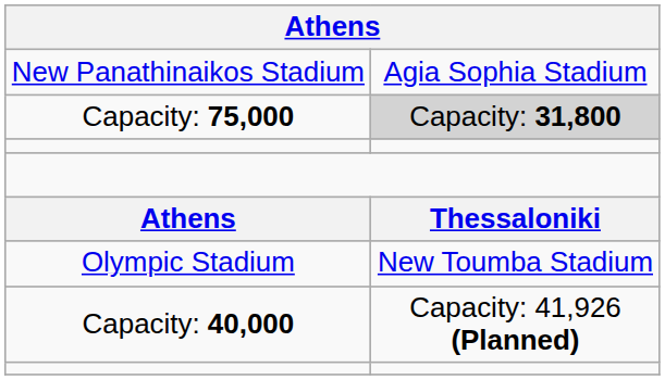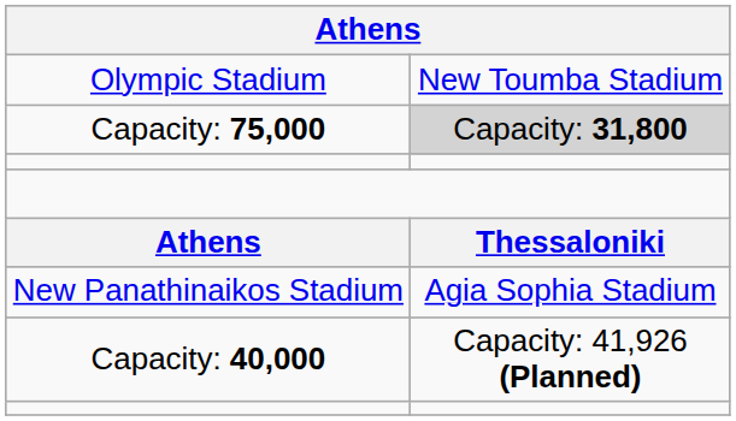 <table class="wikitable" style="text-align:center">
 <tr>
 <th colspan="2"><a href='#'>Athens</a></th>
 </tr>
 <tr>
-<td><a href='#'>New Panathinaikos Stadium</a></td>
-<td><a href='#'>Agia Sophia Stadium</a></td>
+<td><a href='#'>Olympic Stadium</a></td>
+<td><a href='#'>New Toumba Stadium</a></td>
 </tr>
 <tr>
 <td>Capacity: <strong>75,000</strong></td>
 <td style="background: lightgrey;">Capacity: <strong>31,800</strong></td>
 </tr>
 <tr>
 <td></td>
 <td></td>
 </tr>
 <tr>
 <td colspan="2"><br></td>
 </tr>
 <tr>
 <th><a href='#'>Athens</a></th>
 <th><a href='#'>Thessaloniki</a></th>
 </tr>
 <tr>
-<td><a href='#'>Olympic Stadium</a></td>
-<td><a href='#'>New Toumba Stadium</a></td>
+<td><a href='#'>New Panathinaikos Stadium</a></td>
+<td><a href='#'>Agia Sophia Stadium</a></td>
 </tr>
 <tr>
 <td>Capacity: <strong>40,000<em></td>
 <td>Capacity: </strong>41,926<strong><br></em>(Planned)<em></td>
 </tr>
 <tr>
 <td></td>
 <td></td>
 </tr>
 </table>
